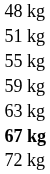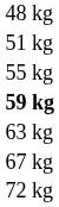 <table>
 <tr>
 <td>48 kg</td>
 <td></td>
 <td></td>
 <td></td>
 </tr>
 <tr>
 <td rowspan=2>51 kg</td>
 <td rowspan=2></td>
 <td rowspan=2></td>
 <td></td>
 </tr>
 <tr>
 <td></td>
 </tr>
 <tr>
 <td rowspan=2>55 kg</td>
 <td rowspan=2></td>
 <td rowspan=2></td>
 <td></td>
 </tr>
 <tr>
 <td></td>
 </tr>
 <tr>
-<td>59 kg</td>
+<td><strong>59 kg</strong></td>
 <td></td>
 <td></td>
 <td></td>
 </tr>
 <tr>
 <td>63 kg</td>
 <td></td>
 <td></td>
 <td></td>
 </tr>
 <tr>
-<td><strong>67 kg</strong></td>
+<td>67 kg</td>
 <td></td>
 <td></td>
 <td></td>
 </tr>
 <tr>
 <td>72 kg</td>
 <td></td>
 <td></td>
 <td></td>
 </tr>
 </table>
